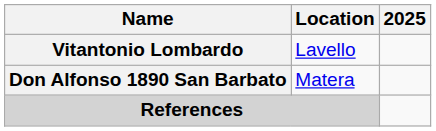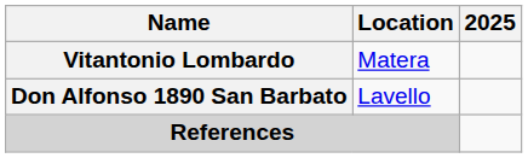 <table class="wikitable sortable plainrowheaders" style="text-align:left;">
 <tr>
 <th scope="col">Name</th>
 <th>Location</th>
 <th scope="col">2025</th>
 </tr>
 <tr>
 <th scope="row">Vitantonio Lombardo</th>
-<td><a href='#'>Lavello</a></td>
+<td><a href='#'>Matera</a></td>
 <td></td>
 </tr>
 <tr>
 <th scope="row">Don Alfonso 1890 San Barbato</th>
-<td><a href='#'>Matera</a></td>
+<td><a href='#'>Lavello</a></td>
 <td></td>
 </tr>
 <tr>
 <th colspan="2" style="text-align: center; background: lightgray;">References</th>
 <td style="text-align: center;"></td>
 </tr>
 </table>
